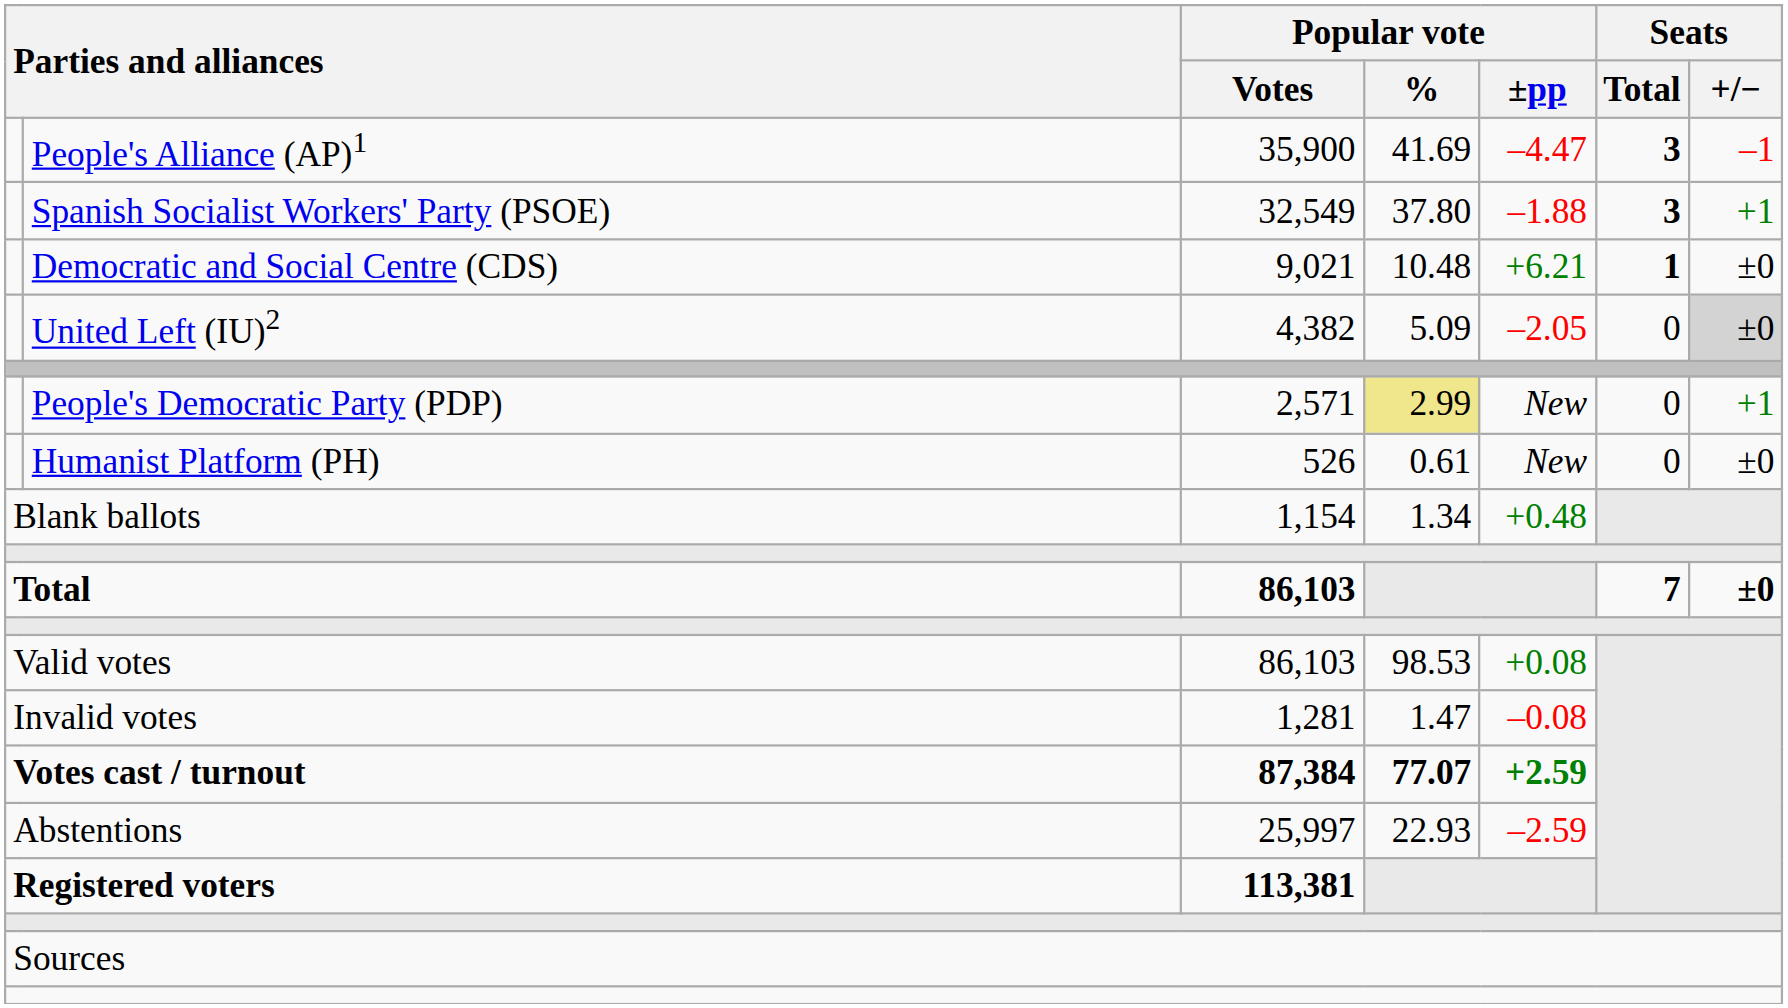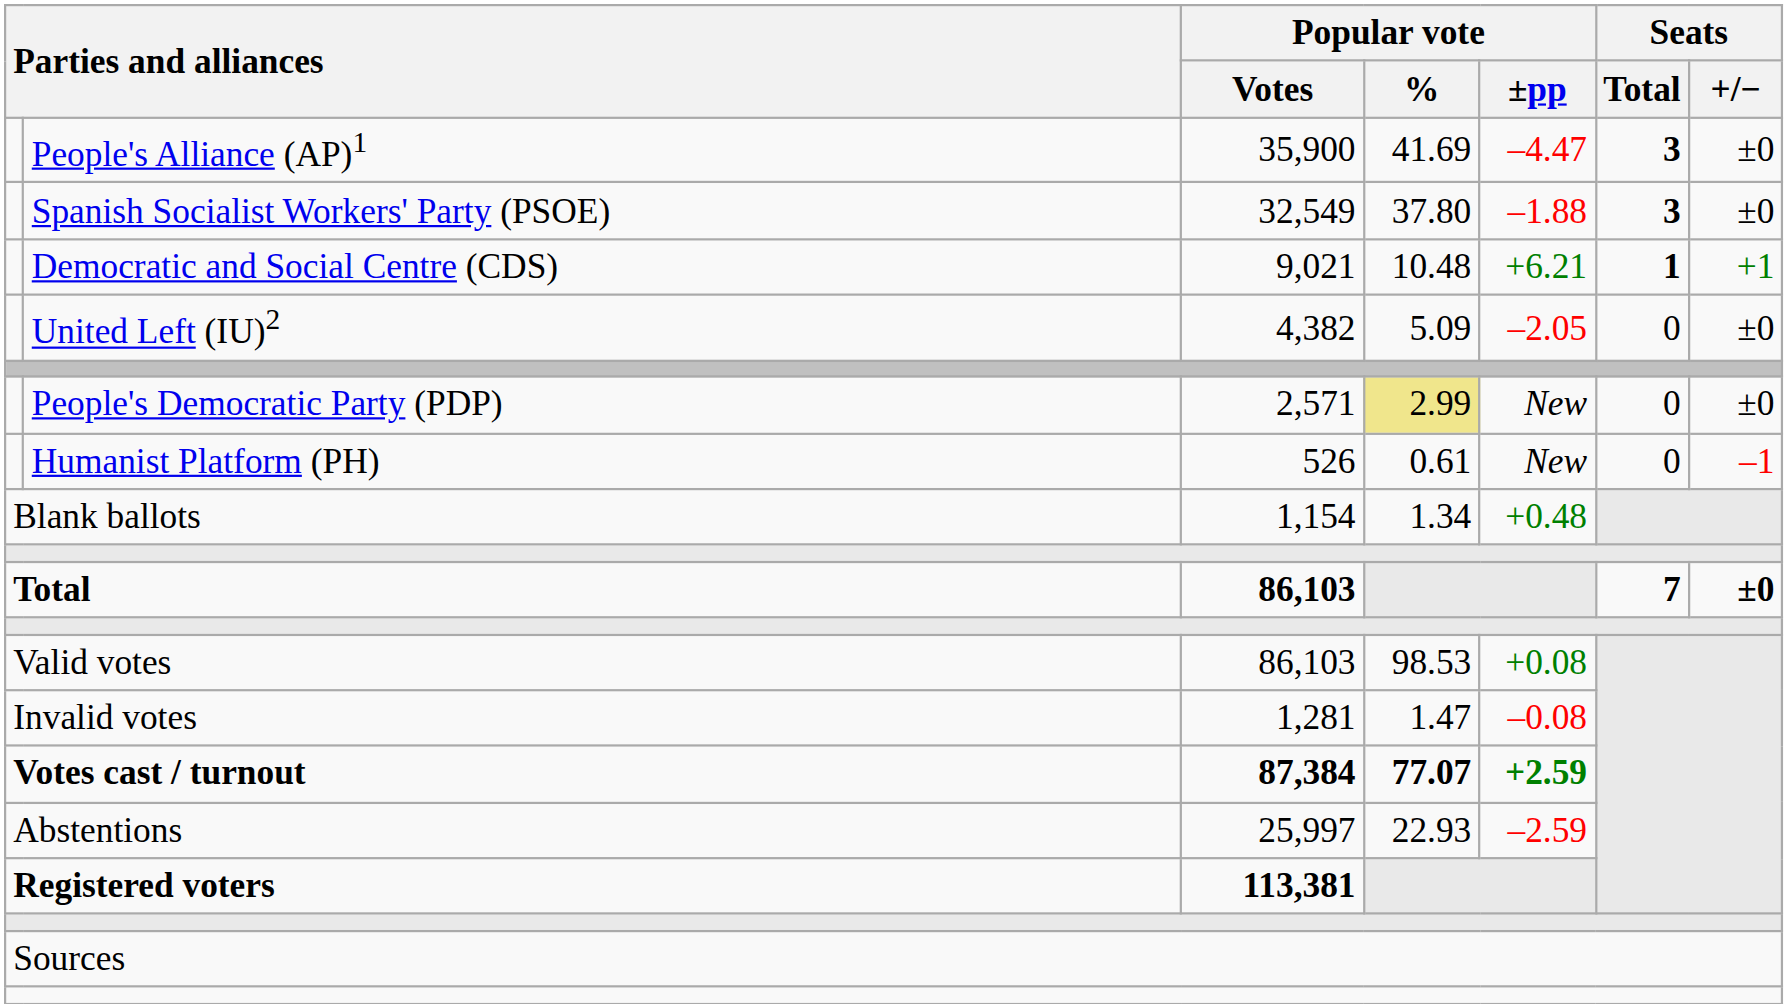 <table class="wikitable" style="text-align:right;">
 <tr>
 <th style="text-align:left;" rowspan="2" colspan="2" width="525">Parties and alliances</th>
 <th colspan="3">Popular vote</th>
 <th colspan="2">Seats</th>
 </tr>
 <tr>
 <th width="75">Votes</th>
 <th width="45">%</th>
 <th width="45">±<a href='#'>pp</a></th>
 <th width="35">Total</th>
 <th width="35">+/−</th>
 </tr>
 <tr>
 <td width="1" style="color:inherit;background:"></td>
 <td align="left"><a href='#'>People's Alliance</a> (AP)<sup>1</sup></td>
 <td>35,900</td>
 <td>41.69</td>
 <td style="color:red;">–4.47</td>
 <td><strong>3</strong></td>
-<td style="color:red;">–1</td>
+<td>±0</td>
 </tr>
 <tr>
 <td style="color:inherit;background:"></td>
 <td align="left"><a href='#'>Spanish Socialist Workers' Party</a> (PSOE)</td>
 <td>32,549</td>
 <td>37.80</td>
 <td style="color:red;">–1.88</td>
 <td><strong>3</strong></td>
-<td style="color:green;">+1</td>
+<td>±0</td>
 </tr>
 <tr>
 <td style="color:inherit;background:"></td>
 <td align="left"><a href='#'>Democratic and Social Centre</a> (CDS)</td>
 <td>9,021</td>
 <td>10.48</td>
 <td style="color:green;">+6.21</td>
 <td><strong>1</strong></td>
-<td>±0</td>
+<td style="color:green;">+1</td>
 </tr>
 <tr>
 <td style="color:inherit;background:"></td>
 <td align="left"><a href='#'>United Left</a> (IU)<sup>2</sup></td>
 <td>4,382</td>
 <td>5.09</td>
 <td style="color:red;">–2.05</td>
 <td>0</td>
-<td style="background: lightgrey;">±0</td>
+<td>±0</td>
 </tr>
 <tr>
 <td colspan="7" bgcolor="#C0C0C0"></td>
 </tr>
 <tr>
 <td style="color:inherit;background:"></td>
 <td align="left"><a href='#'>People's Democratic Party</a> (PDP)</td>
 <td>2,571</td>
 <td style="background: khaki;">2.99</td>
 <td><em>New</em></td>
 <td>0</td>
-<td style="color:green;">+1</td>
+<td>±0</td>
 </tr>
 <tr>
 <td style="color:inherit;background:"></td>
 <td align="left"><a href='#'>Humanist Platform</a> (PH)</td>
 <td>526</td>
 <td>0.61</td>
 <td><em>New</em></td>
 <td>0</td>
-<td>±0</td>
+<td style="color:red;">–1</td>
 </tr>
 <tr>
 <td align="left" colspan="2">Blank ballots</td>
 <td>1,154</td>
 <td>1.34</td>
 <td style="color:green;">+0.48</td>
 <td bgcolor="#E9E9E9" colspan="2"></td>
 </tr>
 <tr>
 <td colspan="7" bgcolor="#E9E9E9"></td>
 </tr>
 <tr style="font-weight:bold;">
 <td align="left" colspan="2">Total</td>
 <td>86,103</td>
 <td bgcolor="#E9E9E9" colspan="2"></td>
 <td>7</td>
 <td>±0</td>
 </tr>
 <tr>
 <td colspan="7" bgcolor="#E9E9E9"></td>
 </tr>
 <tr>
 <td align="left" colspan="2">Valid votes</td>
 <td>86,103</td>
 <td>98.53</td>
 <td style="color:green;">+0.08</td>
 <td bgcolor="#E9E9E9" colspan="2" rowspan="5"></td>
 </tr>
 <tr>
 <td align="left" colspan="2">Invalid votes</td>
 <td>1,281</td>
 <td>1.47</td>
 <td style="color:red;">–0.08</td>
 </tr>
 <tr style="font-weight:bold;">
 <td align="left" colspan="2">Votes cast / turnout</td>
 <td>87,384</td>
 <td>77.07</td>
 <td style="color:green;">+2.59</td>
 </tr>
 <tr>
 <td align="left" colspan="2">Abstentions</td>
 <td>25,997</td>
 <td>22.93</td>
 <td style="color:red;">–2.59</td>
 </tr>
 <tr style="font-weight:bold;">
 <td align="left" colspan="2">Registered voters</td>
 <td>113,381</td>
 <td bgcolor="#E9E9E9" colspan="2"></td>
 </tr>
 <tr>
 <td colspan="7" bgcolor="#E9E9E9"></td>
 </tr>
 <tr>
 <td align="left" colspan="7">Sources</td>
 </tr>
 <tr>
 <td colspan="7" style="text-align:left; max-width:790px;"></td>
 </tr>
 </table>
